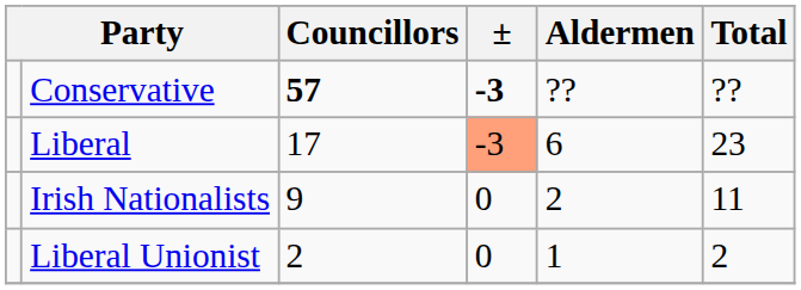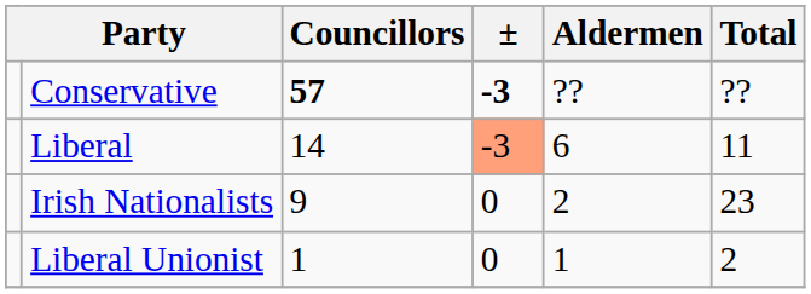 <table class="wikitable">
 <tr>
 <th colspan="2">Party</th>
 <th>Councillors</th>
 <th>  ±  </th>
 <th>Aldermen</th>
 <th>Total</th>
 </tr>
 <tr>
 <td style="background-color: "></td>
 <td><a href='#'>Conservative</a></td>
 <td><strong>57</strong></td>
 <td><strong>-3</strong></td>
 <td>??</td>
 <td>??</td>
 </tr>
 <tr>
 <td style="background-color: "></td>
 <td><a href='#'>Liberal</a></td>
-<td>17</td>
+<td>14</td>
 <td style="background: lightsalmon;">-3</td>
 <td>6</td>
-<td>23</td>
+<td>11</td>
 </tr>
 <tr>
 <td style="background-color: "></td>
 <td><a href='#'>Irish Nationalists</a></td>
 <td>9</td>
 <td>0</td>
 <td>2</td>
-<td>11</td>
+<td>23</td>
 </tr>
 <tr>
 <td style="background-color: "></td>
 <td><a href='#'>Liberal Unionist</a></td>
-<td>2</td>
+<td>1</td>
 <td>0</td>
 <td>1</td>
 <td>2</td>
 </tr>
 <tr>
 </tr>
 </table>
